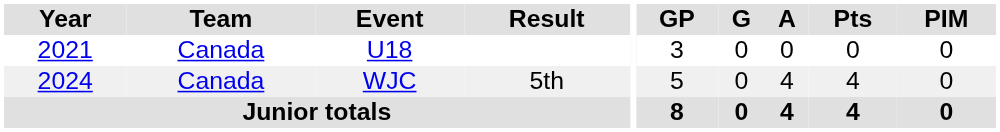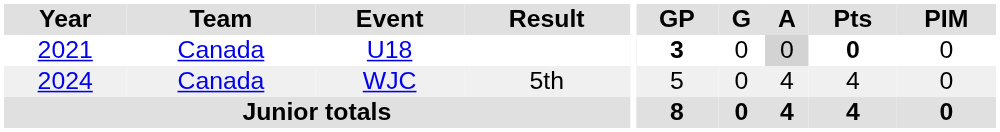 <table border="0" cellpadding="1" cellspacing="0" ID="Table3" style="text-align:center; width:40em">
 <tr bgcolor="#e0e0e0">
 <th>Year</th>
 <th>Team</th>
 <th>Event</th>
 <th>Result</th>
 <th rowspan="99" bgcolor="#ffffff"></th>
 <th>GP</th>
 <th>G</th>
 <th>A</th>
 <th>Pts</th>
 <th>PIM</th>
 </tr>
 <tr>
 <td><a href='#'>2021</a></td>
 <td><a href='#'>Canada</a></td>
 <td><a href='#'>U18</a></td>
 <td></td>
-<td>3</td>
+<td><strong>3</strong></td>
 <td>0</td>
-<td>0</td>
-<td>0</td>
+<td style="background: lightgrey;">0</td>
+<td><strong>0</strong></td>
 <td>0</td>
 </tr>
 <tr bgcolor="#f0f0f0">
 <td><a href='#'>2024</a></td>
 <td><a href='#'>Canada</a></td>
 <td><a href='#'>WJC</a></td>
 <td>5th</td>
 <td>5</td>
 <td>0</td>
 <td>4</td>
 <td>4</td>
 <td>0</td>
 </tr>
 <tr bgcolor="#e0e0e0">
 <th colspan="4">Junior totals</th>
 <th>8</th>
 <th>0</th>
 <th>4</th>
 <th>4</th>
 <th>0</th>
 </tr>
 </table>
